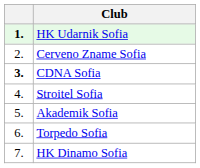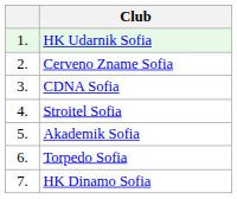 <table class="wikitable">
 <tr>
 <th width="30"></th>
 <th width="200">Club</th>
 </tr>
 <tr bgcolor="#e6fae6" align="center">
-<td><strong>1.</strong></td>
+<td>1.</td>
 <td align="left"><a href='#'>HK Udarnik Sofia</a></td>
 </tr>
 <tr bgcolor="#FFFFFF" align="center">
 <td>2.</td>
 <td align="left"><a href='#'>Cerveno Zname Sofia</a></td>
 </tr>
 <tr bgcolor="#FFFFFF" align="center">
-<td><strong>3.</strong></td>
+<td>3.</td>
 <td align="left"><a href='#'>CDNA Sofia</a></td>
 </tr>
 <tr bgcolor="#FFFFFF" align="center">
 <td>4.</td>
 <td align="left"><a href='#'>Stroitel Sofia</a></td>
 </tr>
 <tr bgcolor="#FFFFFF" align="center">
 <td>5.</td>
 <td align="left"><a href='#'>Akademik Sofia</a></td>
 </tr>
 <tr bgcolor="#FFFFFF" align="center">
 <td>6.</td>
 <td align="left"><a href='#'>Torpedo Sofia</a></td>
 </tr>
 <tr bgcolor="#FFFFFF" align="center">
 <td>7.</td>
 <td align="left"><a href='#'>HK Dinamo Sofia</a></td>
 </tr>
 </table>
